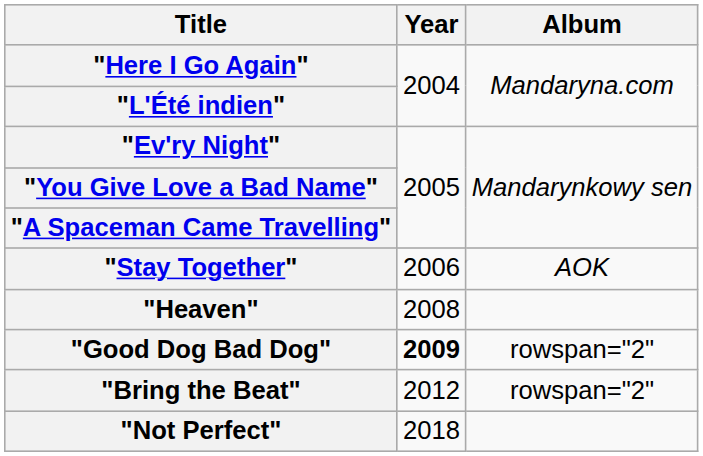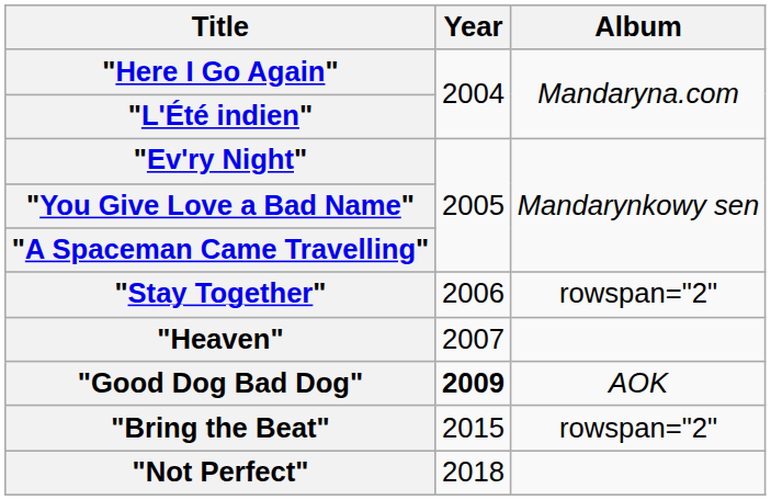 <table class="wikitable plainrowheaders" style="text-align:center;">
 <tr>
 <th scope="col">Title</th>
 <th scope="col">Year</th>
 <th scope="col">Album</th>
 </tr>
 <tr>
 <th scope="row">"<a href='#'>Here I Go Again</a>"</th>
 <td rowspan="2">2004</td>
 <td rowspan="2"><em>Mandaryna.com</em></td>
 </tr>
 <tr>
 <th scope="row">"<a href='#'>L'Été indien</a>"</th>
 </tr>
 <tr>
 <th scope="row">"<a href='#'>Ev'ry Night</a>"</th>
 <td rowspan="3">2005</td>
 <td rowspan="3"><em>Mandarynkowy sen</em></td>
 </tr>
 <tr>
 <th scope="row">"<a href='#'>You Give Love a Bad Name</a>"</th>
 </tr>
 <tr>
 <th scope="row">"<a href='#'>A Spaceman Came Travelling</a>"</th>
 </tr>
 <tr>
 <th scope="row">"<a href='#'>Stay Together</a>"</th>
 <td>2006</td>
-<td><em>AOK</em></td>
+<td>rowspan="2" </td>
 </tr>
 <tr>
 <th scope="row">"Heaven"</th>
-<td>2008</td>
+<td>2007</td>
 </tr>
 <tr>
 <th scope="row">"Good Dog Bad Dog"</th>
 <td><strong>2009</strong></td>
-<td>rowspan="2" </td>
+<td><em>AOK</em></td>
 </tr>
 <tr>
 <th scope="row">"Bring the Beat"</th>
-<td>2012</td>
+<td>2015</td>
 <td>rowspan="2" </td>
 </tr>
 <tr>
 <th scope="row">"Not Perfect"</th>
 <td>2018</td>
 </tr>
 </table>
